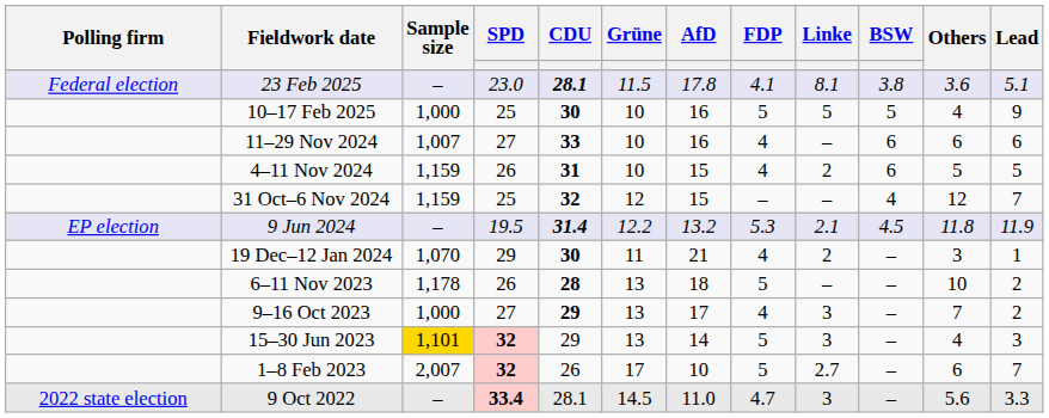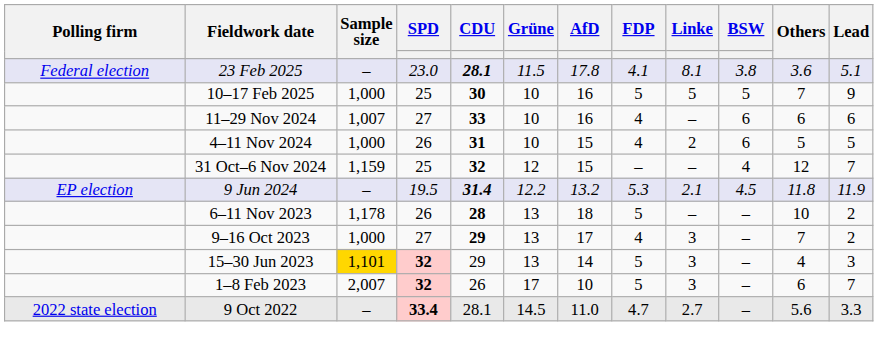 <table class="wikitable sortable" style="text-align:center;font-size:90%;line-height:14px;">
 <tr style="height:40px;">
 <th style="width:150px;" rowspan="2">Polling firm</th>
 <th style="width:125px;" rowspan="2">Fieldwork date</th>
 <th style="width:35px;" rowspan="2">Sample<br>size</th>
 <th class="unsortable" style="width:40px;"><a href='#'>SPD</a></th>
 <th class="unsortable" style="width:40px;"><a href='#'>CDU</a></th>
 <th class="unsortable" style="width:40px;"><a href='#'>Grüne</a></th>
 <th class="unsortable" style="width:40px;"><a href='#'>AfD</a></th>
 <th class="unsortable" style="width:40px;"><a href='#'>FDP</a></th>
 <th class="unsortable" style="width:40px;"><a href='#'>Linke</a></th>
 <th class="unsortable" style="width:40px;"><a href='#'>BSW</a></th>
 <th class="unsortable" style="width:40px;" rowspan="2">Others</th>
 <th style="width:30px;" rowspan="2">Lead</th>
 </tr>
 <tr>
 <th style="background:"></th>
 <th style="background:"></th>
 <th style="background:"></th>
 <th style="background:"></th>
 <th style="background:"></th>
 <th style="background:"></th>
 <th style="background:"></th>
 </tr>
 <tr style="background:#E5E5F5;font-style:italic;">
 <td><a href='#'>Federal election</a></td>
 <td data-sort-value="2025-02-23">23 Feb 2025</td>
 <td>–</td>
 <td>23.0</td>
 <td><strong>28.1</strong></td>
 <td>11.5</td>
 <td>17.8</td>
 <td>4.1</td>
 <td>8.1</td>
 <td>3.8</td>
 <td>3.6</td>
 <td style="background:">5.1</td>
 </tr>
 <tr>
 <td></td>
 <td>10–17 Feb 2025</td>
 <td>1,000</td>
 <td>25</td>
 <td><strong>30</strong></td>
 <td>10</td>
 <td>16</td>
 <td>5</td>
 <td>5</td>
 <td>5</td>
-<td>4</td>
+<td>7</td>
 <td style="background:">9</td>
 </tr>
 <tr>
 <td></td>
 <td>11–29 Nov 2024</td>
 <td>1,007</td>
 <td>27</td>
 <td><strong>33</strong></td>
 <td>10</td>
 <td>16</td>
 <td>4</td>
 <td>–</td>
 <td>6</td>
 <td>6</td>
 <td style="background:">6</td>
 </tr>
 <tr>
 <td></td>
 <td>4–11 Nov 2024</td>
-<td>1,159</td>
+<td>1,000</td>
 <td>26</td>
 <td><strong>31</strong></td>
 <td>10</td>
 <td>15</td>
 <td>4</td>
 <td>2</td>
 <td>6</td>
 <td>5</td>
 <td style="background:">5</td>
 </tr>
 <tr>
 <td></td>
 <td>31 Oct–6 Nov 2024</td>
 <td>1,159</td>
 <td>25</td>
 <td><strong>32</strong></td>
 <td>12</td>
 <td>15</td>
 <td>–</td>
 <td>–</td>
 <td>4</td>
 <td>12</td>
 <td style="background:">7</td>
 </tr>
 <tr style="background:#E5E5F5;font-style:italic;">
 <td><a href='#'>EP election</a></td>
 <td data-sort-value="2024-06-09">9 Jun 2024</td>
 <td>–</td>
 <td>19.5</td>
 <td><strong>31.4</strong></td>
 <td>12.2</td>
 <td>13.2</td>
 <td>5.3</td>
 <td>2.1</td>
 <td>4.5</td>
 <td>11.8</td>
 <td style="background:">11.9</td>
-</tr>
-<tr>
-<td></td>
-<td>19 Dec–12 Jan 2024</td>
-<td>1,070</td>
-<td>29</td>
-<td><strong>30</strong></td>
-<td>11</td>
-<td>21</td>
-<td>4</td>
-<td>2</td>
-<td>–</td>
-<td>3</td>
-<td style="background:">1</td>
 </tr>
 <tr>
 <td></td>
 <td>6–11 Nov 2023</td>
 <td>1,178</td>
 <td>26</td>
 <td><strong>28</strong></td>
 <td>13</td>
 <td>18</td>
 <td>5</td>
 <td>–</td>
 <td>–</td>
 <td>10</td>
 <td style="background:">2</td>
 </tr>
 <tr>
 <td></td>
 <td data-sort-value="2023-10-16">9–16 Oct 2023</td>
 <td>1,000</td>
 <td>27</td>
 <td><strong>29</strong></td>
 <td>13</td>
 <td>17</td>
 <td>4</td>
 <td>3</td>
 <td>–</td>
 <td>7</td>
 <td style="background:">2</td>
 </tr>
 <tr>
 <td></td>
 <td data-sort-value="2023-06-30">15–30 Jun 2023</td>
 <td style="background: gold;">1,101</td>
 <td style="background:#FFCCCC"><strong>32</strong></td>
 <td>29</td>
 <td>13</td>
 <td>14</td>
 <td>5</td>
 <td>3</td>
 <td>–</td>
 <td>4</td>
 <td style="background:">3</td>
 </tr>
 <tr>
 <td></td>
 <td data-sort-value="2023-02-08">1–8 Feb 2023</td>
 <td>2,007</td>
 <td style="background:#FFCCCC"><strong>32</strong></td>
 <td>26</td>
 <td>17</td>
 <td>10</td>
 <td>5</td>
-<td>2.7</td>
+<td>3</td>
 <td>–</td>
 <td>6</td>
 <td style="background:">7</td>
 </tr>
 <tr style="background:#E9E9E9;">
 <td><a href='#'>2022 state election</a></td>
 <td data-sort-value="202-10-09">9 Oct 2022</td>
 <td>–</td>
 <td style="background:#FFCCCC"><strong>33.4</strong></td>
 <td>28.1</td>
 <td>14.5</td>
 <td>11.0</td>
 <td>4.7</td>
-<td>3</td>
+<td>2.7</td>
 <td>–</td>
 <td>5.6</td>
 <td style="background:">3.3</td>
 </tr>
 </table>
